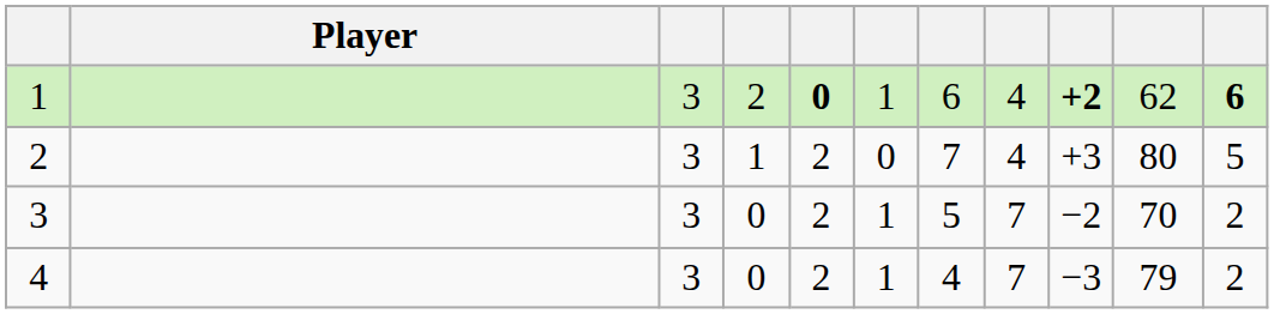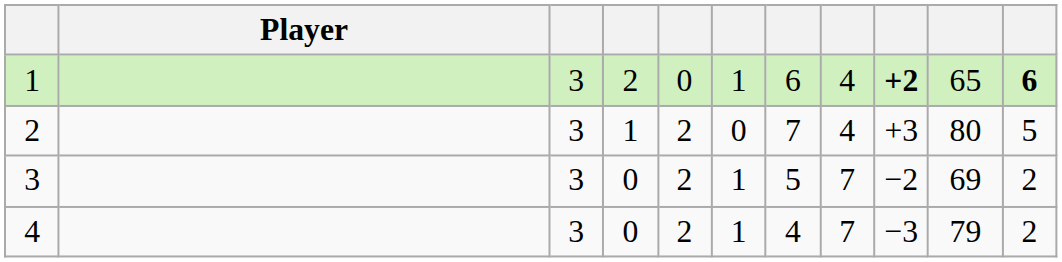 <table class="wikitable" style="text-align:center; margin: 1em auto 1em auto, align:left">
 <tr>
 <th width=20></th>
 <th width=240>Player</th>
 <th width=20></th>
 <th width=20></th>
 <th width=20></th>
 <th width=20></th>
 <th width=20></th>
 <th width=20></th>
 <th width=20></th>
 <th width=30></th>
 <th width=20></th>
 </tr>
 <tr style="background:#D0F0C0;">
 <td>1</td>
 <td align=left></td>
 <td>3</td>
 <td>2</td>
-<td><strong>0</strong></td>
+<td>0</td>
 <td>1</td>
 <td>6</td>
 <td>4</td>
 <td><strong>+2</strong></td>
-<td>62</td>
+<td>65</td>
 <td><strong>6</strong></td>
 </tr>
 <tr style=>
 <td>2</td>
 <td align=left></td>
 <td>3</td>
 <td>1</td>
 <td>2</td>
 <td>0</td>
 <td>7</td>
 <td>4</td>
 <td>+3</td>
 <td>80</td>
 <td>5</td>
 </tr>
 <tr style=>
 <td>3</td>
 <td align=left></td>
 <td>3</td>
 <td>0</td>
 <td>2</td>
 <td>1</td>
 <td>5</td>
 <td>7</td>
 <td>−2</td>
-<td>70</td>
+<td>69</td>
 <td>2</td>
 </tr>
 <tr style=>
 <td>4</td>
 <td align=left></td>
 <td>3</td>
 <td>0</td>
 <td>2</td>
 <td>1</td>
 <td>4</td>
 <td>7</td>
 <td>−3</td>
 <td>79</td>
 <td>2</td>
 </tr>
 </table>
